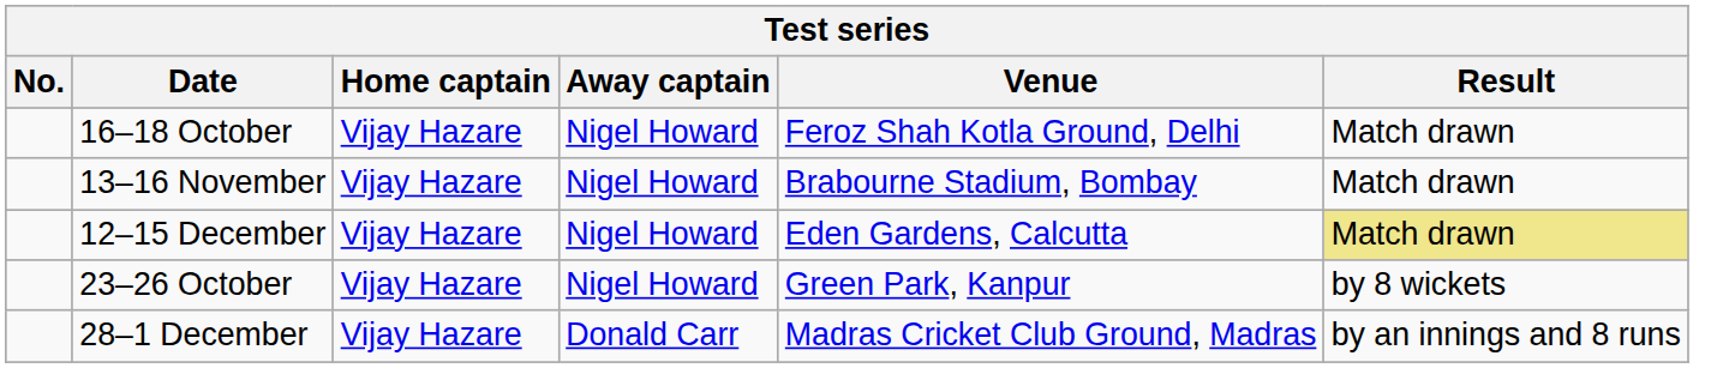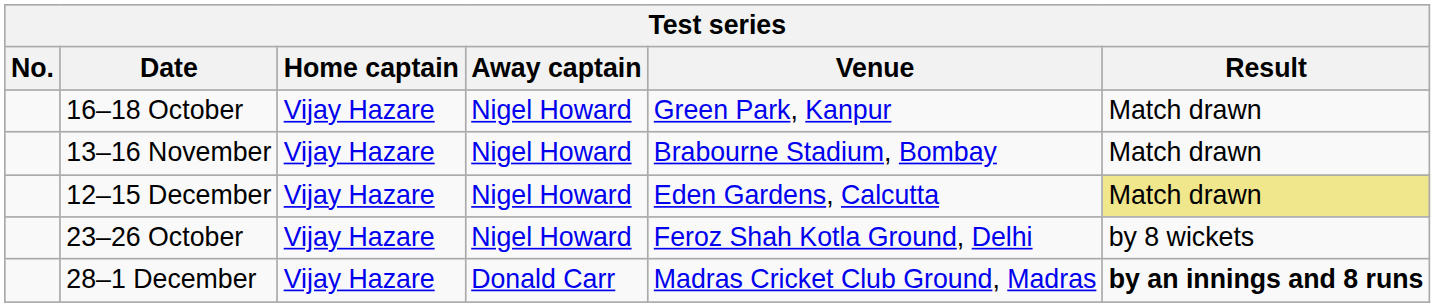 <table class="wikitable">
 <tr>
 <th colspan="9">Test series</th>
 </tr>
 <tr>
 <th>No.</th>
 <th>Date</th>
 <th>Home captain</th>
 <th>Away captain</th>
 <th>Venue</th>
 <th>Result</th>
 </tr>
 <tr>
 <td></td>
 <td>16–18 October</td>
 <td><a href='#'>Vijay Hazare</a></td>
 <td><a href='#'>Nigel Howard</a></td>
-<td><a href='#'>Feroz Shah Kotla Ground</a>, <a href='#'>Delhi</a></td>
+<td><a href='#'>Green Park</a>, <a href='#'>Kanpur</a></td>
 <td>Match drawn</td>
 </tr>
 <tr>
 <td></td>
 <td>13–16 November</td>
 <td><a href='#'>Vijay Hazare</a></td>
 <td><a href='#'>Nigel Howard</a></td>
 <td><a href='#'>Brabourne Stadium</a>, <a href='#'>Bombay</a></td>
 <td>Match drawn</td>
 </tr>
 <tr>
 <td></td>
 <td>12–15 December</td>
 <td><a href='#'>Vijay Hazare</a></td>
 <td><a href='#'>Nigel Howard</a></td>
 <td><a href='#'>Eden Gardens</a>, <a href='#'>Calcutta</a></td>
 <td style="background: khaki;">Match drawn</td>
 </tr>
 <tr>
 <td></td>
 <td>23–26 October</td>
 <td><a href='#'>Vijay Hazare</a></td>
 <td><a href='#'>Nigel Howard</a></td>
-<td><a href='#'>Green Park</a>, <a href='#'>Kanpur</a></td>
+<td><a href='#'>Feroz Shah Kotla Ground</a>, <a href='#'>Delhi</a></td>
 <td> by 8 wickets</td>
 </tr>
 <tr>
 <td></td>
 <td>28–1 December</td>
 <td><a href='#'>Vijay Hazare</a></td>
 <td><a href='#'>Donald Carr</a></td>
 <td><a href='#'>Madras Cricket Club Ground</a>, <a href='#'>Madras</a></td>
-<td> by an innings and 8 runs</td>
+<td><strong> by an innings and 8 runs</strong></td>
 </tr>
 </table>
